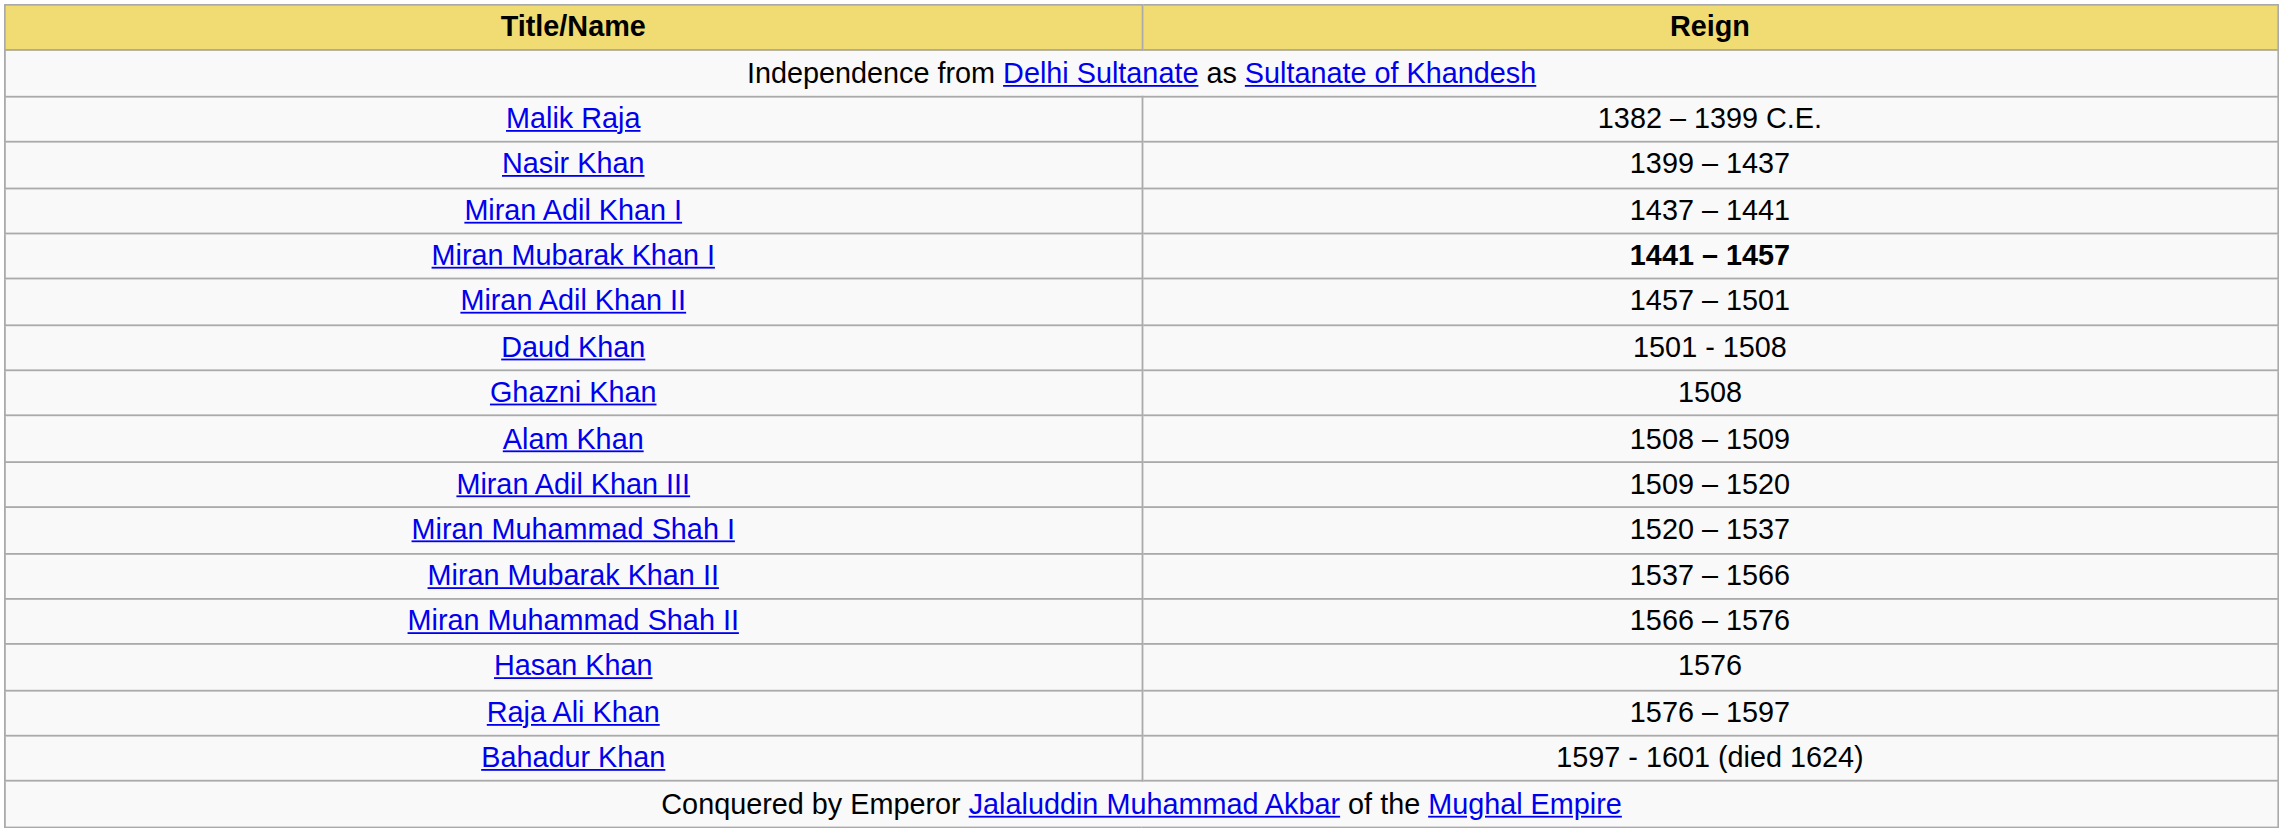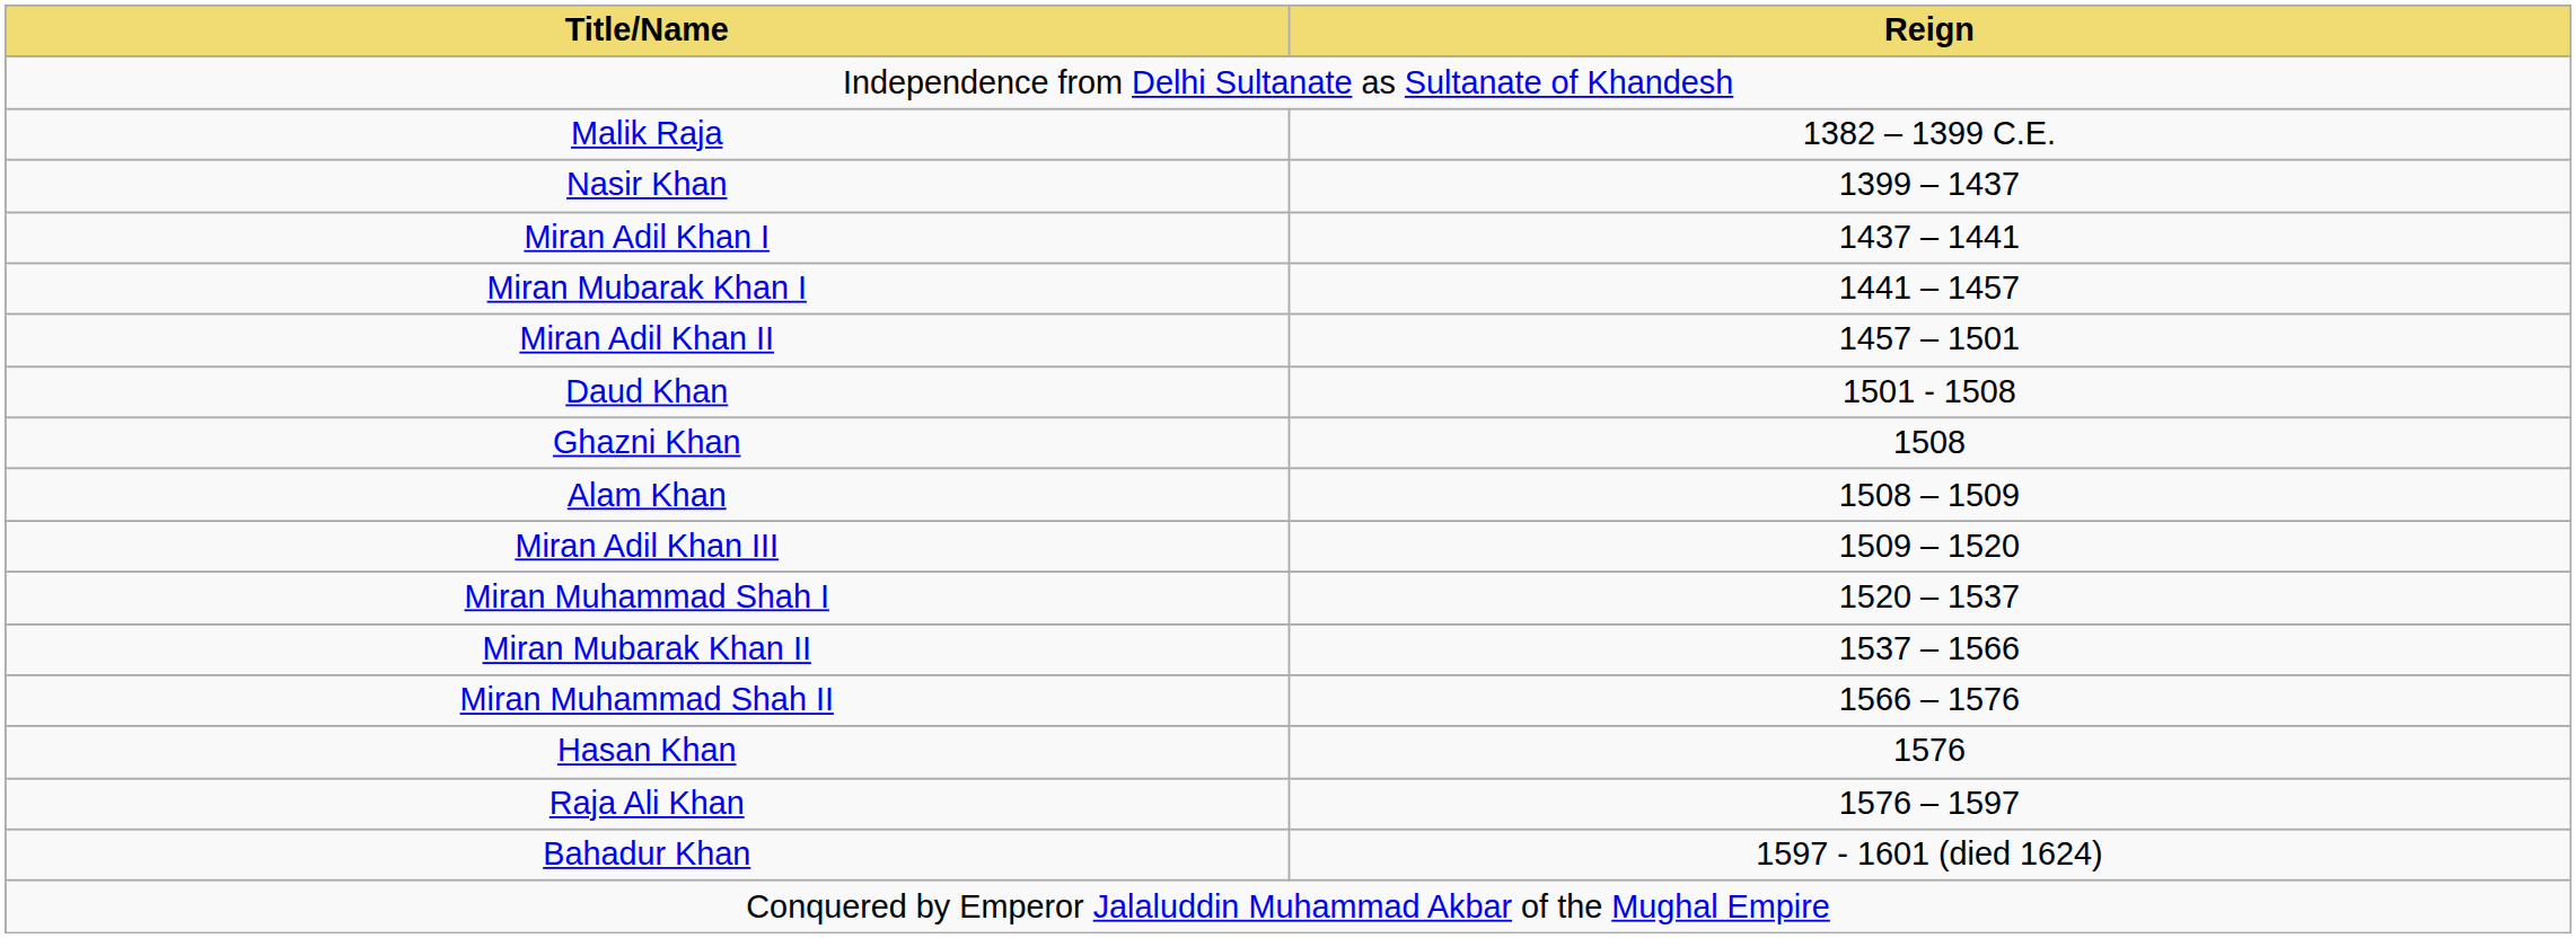 <table width=100% class="wikitable">
 <tr>
 <th style="background-color:#F0DC72" width=22%>Title/Name</th>
 <th style="background-color:#F0DC72" width=22%>Reign </th>
 </tr>
 <tr>
 <td colspan=4 align="middle">Independence from <a href='#'>Delhi Sultanate</a> as <a href='#'>Sultanate of Khandesh</a></td>
 </tr>
 <tr>
 <td align="center"><a href='#'>Malik Raja</a> <br> <small></small></td>
 <td align="center">1382 – 1399 C.E.</td>
 </tr>
 <tr>
 <td align="center"><a href='#'>Nasir Khan</a> <br> <small> </small></td>
 <td align="center">1399 – 1437</td>
 </tr>
 <tr>
 <td align="center"><a href='#'>Miran Adil Khan I</a> <br> <small></small></td>
 <td align="center">1437 – 1441</td>
 </tr>
 <tr>
 <td align="center"><a href='#'>Miran Mubarak Khan I</a> <br> <small></small></td>
-<td align="center"><strong>1441 – 1457</strong></td>
+<td align="center">1441 – 1457</td>
 </tr>
 <tr>
 <td align="center"><a href='#'>Miran Adil Khan II</a> <br> <small></small></td>
 <td align="center">1457 – 1501</td>
 </tr>
 <tr>
 <td align="center"><a href='#'>Daud Khan</a> <br> <small></small></td>
 <td align="center">1501 - 1508</td>
 </tr>
 <tr>
 <td align="center"><a href='#'>Ghazni Khan</a> <br> <small></small></td>
 <td align="center">1508</td>
 </tr>
 <tr>
 <td align="center"><a href='#'>Alam Khan</a> <br> <small></small></td>
 <td align="center">1508 – 1509</td>
 </tr>
 <tr>
 <td align="center"><a href='#'>Miran Adil Khan III</a> <br> <small></small></td>
 <td align="center">1509 – 1520</td>
 </tr>
 <tr>
 <td align="center"><a href='#'>Miran Muhammad Shah I</a> <br> <small></small></td>
 <td align="center">1520 – 1537</td>
 </tr>
 <tr>
 <td align="center"><a href='#'>Miran Mubarak Khan II</a> <br> <small></small></td>
 <td align="center">1537 – 1566</td>
 </tr>
 <tr>
 <td align="center"><a href='#'>Miran Muhammad Shah II</a> <br> <small></small></td>
 <td align="center">1566 – 1576</td>
 </tr>
 <tr>
 <td align="center"><a href='#'>Hasan Khan</a> <br> <small></small></td>
 <td align="center">1576</td>
 </tr>
 <tr>
 <td align="center"><a href='#'>Raja Ali Khan</a> <br><small></small></td>
 <td align="center">1576 – 1597</td>
 </tr>
 <tr>
 <td align="center"><a href='#'>Bahadur Khan</a> <br><small></small></td>
 <td align="center">1597 - 1601 (died 1624)</td>
 </tr>
 <tr>
 <td colspan=4 align="middle">Conquered by Emperor <a href='#'>Jalaluddin Muhammad Akbar</a> of the <a href='#'>Mughal Empire</a></td>
 </tr>
 </table>
